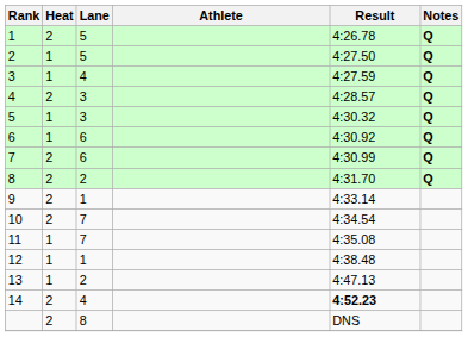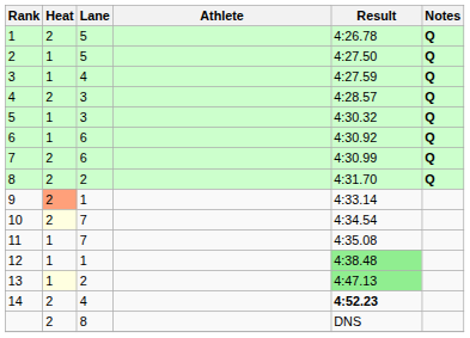 <table class="wikitable" style="font-size:95%" style="width:35em;" style="text-align:center">
 <tr>
 <th>Rank</th>
 <th>Heat</th>
 <th>Lane</th>
 <th width=250>Athlete</th>
 <th width=100>Result</th>
 <th>Notes</th>
 </tr>
 <tr bgcolor=ccffcc>
 <td>1</td>
 <td>2</td>
 <td>5</td>
 <td align=left></td>
 <td>4:26.78</td>
 <td><strong>Q</strong></td>
 </tr>
 <tr bgcolor=ccffcc>
 <td>2</td>
 <td>1</td>
 <td>5</td>
 <td align=left></td>
 <td>4:27.50</td>
 <td><strong>Q</strong></td>
 </tr>
 <tr bgcolor=ccffcc>
 <td>3</td>
 <td>1</td>
 <td>4</td>
 <td align=left></td>
 <td>4:27.59</td>
 <td><strong>Q</strong></td>
 </tr>
 <tr bgcolor=ccffcc>
 <td>4</td>
 <td>2</td>
 <td>3</td>
 <td align=left></td>
 <td>4:28.57</td>
 <td><strong>Q</strong></td>
 </tr>
 <tr bgcolor=ccffcc>
 <td>5</td>
 <td>1</td>
 <td>3</td>
 <td align=left></td>
 <td>4:30.32</td>
 <td><strong>Q</strong></td>
 </tr>
 <tr bgcolor=ccffcc>
 <td>6</td>
 <td>1</td>
 <td>6</td>
 <td align=left></td>
 <td>4:30.92</td>
 <td><strong>Q</strong></td>
 </tr>
 <tr bgcolor=ccffcc>
 <td>7</td>
 <td>2</td>
 <td>6</td>
 <td align=left></td>
 <td>4:30.99</td>
 <td><strong>Q</strong></td>
 </tr>
 <tr bgcolor=ccffcc>
 <td>8</td>
 <td>2</td>
 <td>2</td>
 <td align=left></td>
 <td>4:31.70</td>
 <td><strong>Q</strong></td>
 </tr>
 <tr>
 <td>9</td>
-<td>2</td>
+<td style="background: lightsalmon;">2</td>
 <td>1</td>
 <td align=left></td>
 <td>4:33.14</td>
 <td></td>
 </tr>
 <tr>
 <td>10</td>
-<td>2</td>
+<td style="background: lightyellow;">2</td>
 <td>7</td>
 <td align=left></td>
 <td>4:34.54</td>
 <td></td>
 </tr>
 <tr>
 <td>11</td>
 <td>1</td>
 <td>7</td>
 <td align=left></td>
 <td>4:35.08</td>
 <td></td>
 </tr>
 <tr>
 <td>12</td>
 <td>1</td>
 <td>1</td>
 <td align=left></td>
-<td>4:38.48</td>
+<td style="background: lightgreen;">4:38.48</td>
 <td></td>
 </tr>
 <tr>
 <td>13</td>
-<td>1</td>
+<td style="background: lightyellow;">1</td>
 <td>2</td>
 <td align=left></td>
-<td>4:47.13</td>
+<td style="background: lightgreen;">4:47.13</td>
 <td></td>
 </tr>
 <tr>
 <td>14</td>
 <td>2</td>
 <td>4</td>
 <td align=left></td>
 <td><strong>4:52.23</strong></td>
 <td></td>
 </tr>
 <tr>
 <td></td>
 <td>2</td>
 <td>8</td>
 <td align=left></td>
 <td>DNS</td>
 <td></td>
 </tr>
 <tr>
 </tr>
 </table>
